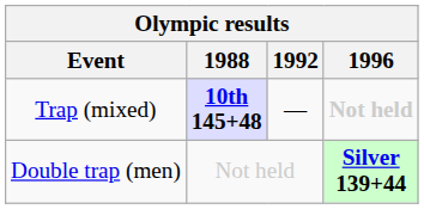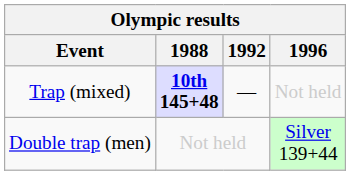 <table class="wikitable" style="text-align: center">
 <tr>
 <th colspan=4>Olympic results</th>
 </tr>
 <tr>
 <th>Event</th>
 <th>1988</th>
 <th>1992</th>
 <th>1996</th>
 </tr>
 <tr>
 <td><a href='#'>Trap</a> (mixed)</td>
 <td style="background: #ddddff"><strong><a href='#'>10th</a><br>145+48</strong></td>
 <td>—</td>
-<td style="color: #cccccc"><strong>Not held</strong></td>
+<td style="color: #cccccc">Not held</td>
 </tr>
 <tr>
 <td><a href='#'>Double trap</a> (men)</td>
 <td colspan=2 style="color: #cccccc">Not held</td>
-<td style="background: #ccffcc"><strong> <a href='#'>Silver</a><br>139+44</strong></td>
+<td style="background: #ccffcc"> <a href='#'>Silver</a><br>139+44</td>
 </tr>
 </table>
